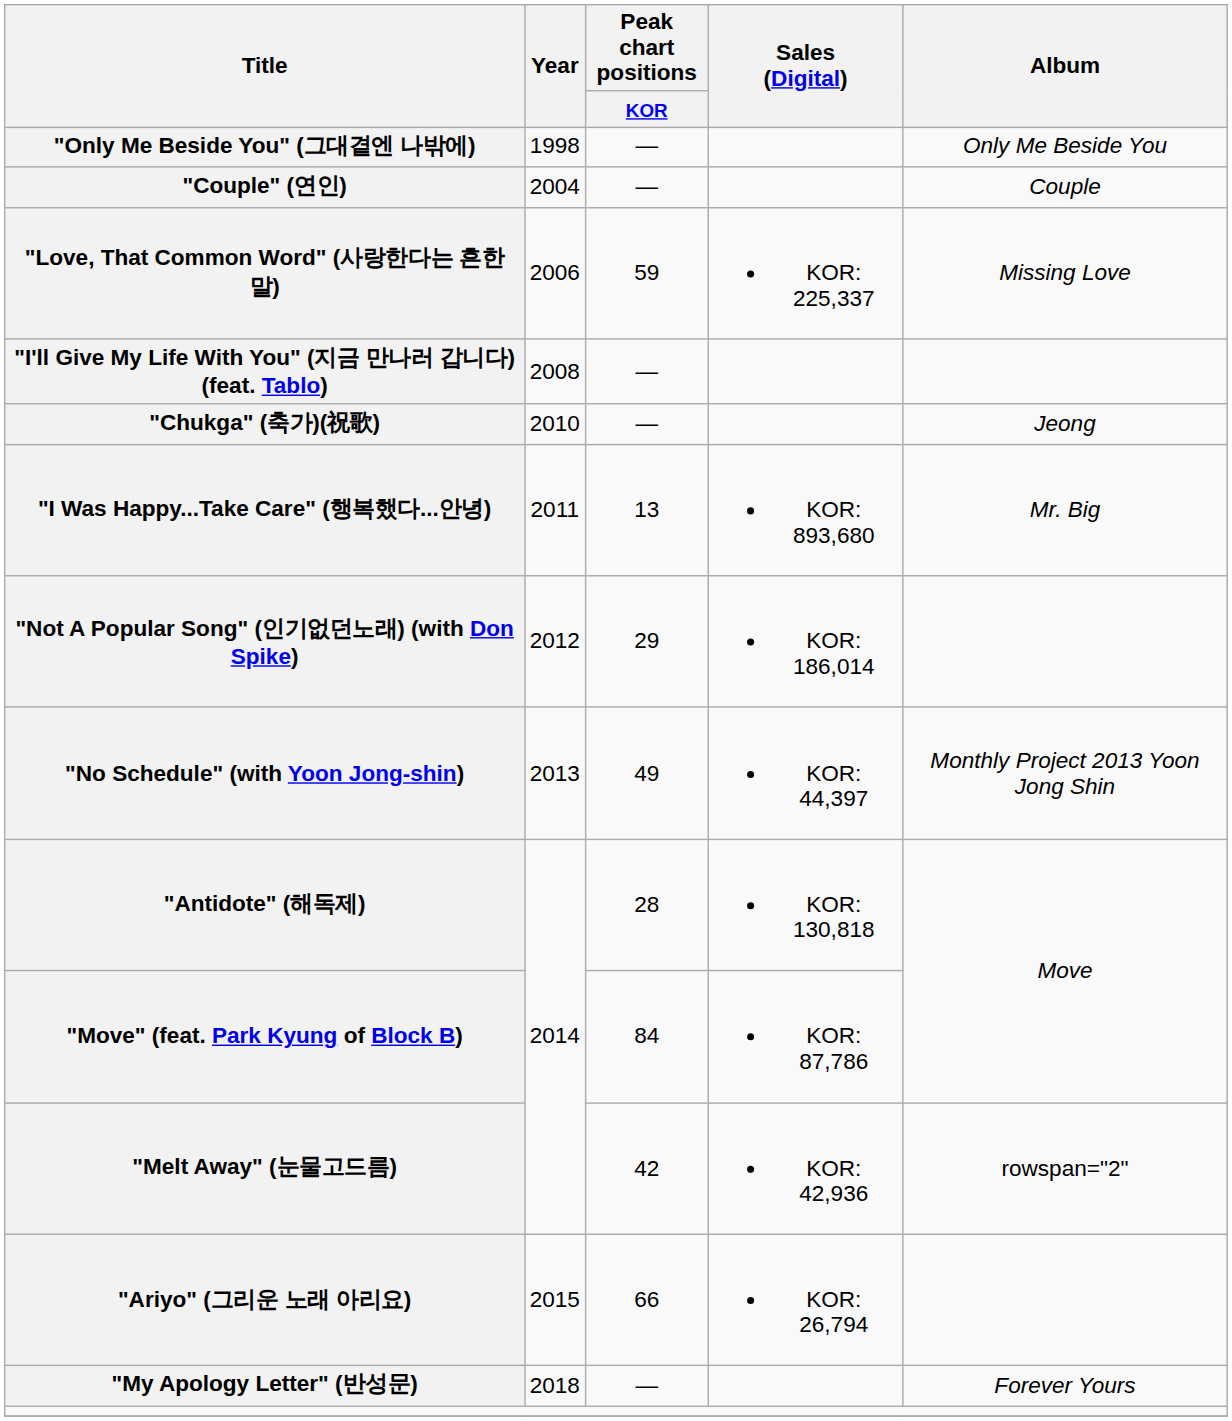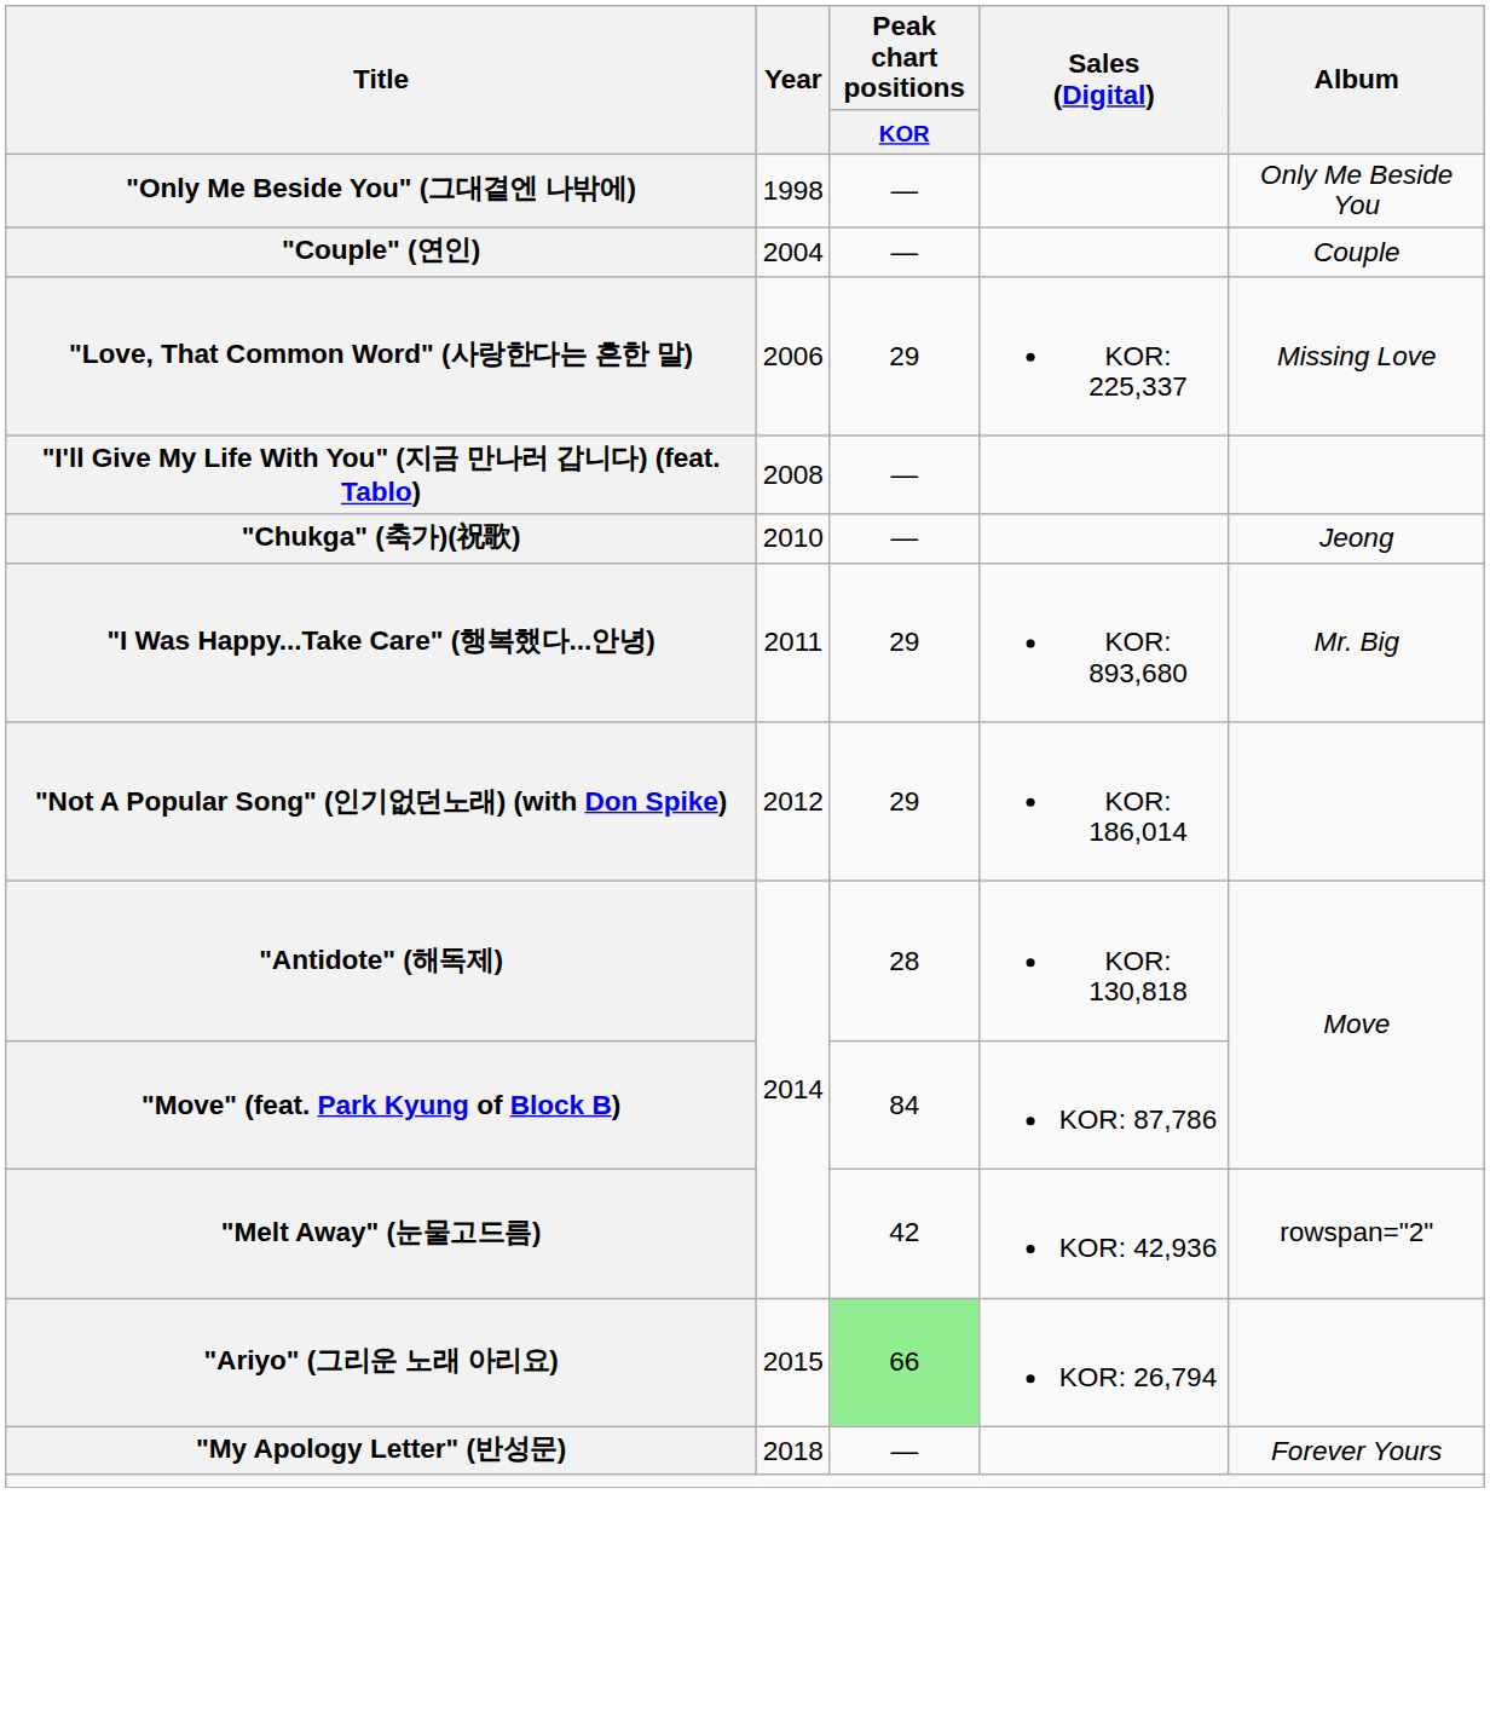 <table class="wikitable plainrowheaders" style="text-align:center;">
 <tr>
 <th scope="col" rowspan="2">Title</th>
 <th scope="col" rowspan="2">Year</th>
 <th scope="col" colspan="1" style="width:5em;">Peak chart positions</th>
 <th scope="col" rowspan="2">Sales<br>(<a href='#'>Digital</a>)</th>
 <th scope="col" rowspan="2">Album</th>
 </tr>
 <tr>
 <th><small><a href='#'>KOR</a></small><br></th>
 </tr>
 <tr>
 <th scope="row">"Only Me Beside You" (그대곁엔 나밖에)</th>
 <td>1998</td>
 <td>—</td>
 <td></td>
 <td><em>Only Me Beside You</em></td>
 </tr>
 <tr>
 <th scope="row">"Couple" (연인)</th>
 <td>2004</td>
 <td>—</td>
 <td></td>
 <td><em>Couple</em></td>
 </tr>
 <tr>
 <th scope="row">"Love, That Common Word" (사랑한다는 흔한 말)</th>
 <td>2006</td>
-<td>59</td>
+<td>29</td>
 <td><br><ul><li>KOR: 225,337</li></ul></td>
 <td><em>Missing Love</em></td>
 </tr>
 <tr>
 <th scope="row">"I'll Give My Life With You" (지금 만나러 갑니다) (feat. <a href='#'>Tablo</a>)</th>
 <td>2008</td>
 <td>—</td>
 <td></td>
 <td></td>
 </tr>
 <tr>
 <th scope="row">"Chukga" (축가)(祝歌)</th>
 <td>2010</td>
 <td>—</td>
 <td></td>
 <td><em>Jeong</em></td>
 </tr>
 <tr>
 <th scope="row">"I Was Happy...Take Care" (행복했다...안녕)</th>
 <td>2011</td>
-<td>13</td>
+<td>29</td>
 <td><br><ul><li>KOR: 893,680</li></ul></td>
 <td><em>Mr. Big</em></td>
 </tr>
 <tr>
 <th scope="row">"Not A Popular Song" (인기없던노래) (with <a href='#'>Don Spike</a>)</th>
 <td>2012</td>
 <td>29</td>
 <td><br><ul><li>KOR: 186,014</li></ul></td>
 <td></td>
-</tr>
-<tr>
-<th scope="row">"No Schedule" (with <a href='#'>Yoon Jong-shin</a>)</th>
-<td>2013</td>
-<td>49</td>
-<td><br><ul><li>KOR: 44,397</li></ul></td>
-<td><em>Monthly Project 2013 Yoon Jong Shin</em></td>
 </tr>
 <tr>
 <th scope="row">"Antidote" (해독제)</th>
 <td rowspan="3">2014</td>
 <td>28</td>
 <td><br><ul><li>KOR: 130,818</li></ul></td>
 <td rowspan="2"><em>Move</em></td>
 </tr>
 <tr>
 <th scope="row">"Move" (feat. <a href='#'>Park Kyung</a> of <a href='#'>Block B</a>)</th>
 <td>84</td>
 <td><br><ul><li>KOR: 87,786</li></ul></td>
 </tr>
 <tr>
 <th scope="row">"Melt Away" (눈물고드름)</th>
 <td>42</td>
 <td><br><ul><li>KOR: 42,936</li></ul></td>
 <td>rowspan="2" </td>
 </tr>
 <tr>
 <th scope="row">"Ariyo" (그리운 노래 아리요)</th>
 <td>2015</td>
-<td>66</td>
+<td style="background: lightgreen;">66</td>
 <td><br><ul><li>KOR: 26,794</li></ul></td>
 </tr>
 <tr>
 <th scope="row">"My Apology Letter" (반성문)</th>
 <td>2018</td>
 <td>—</td>
 <td></td>
 <td><em>Forever Yours</em></td>
 </tr>
 <tr>
 <td colspan="5"></td>
 </tr>
 <tr>
 </tr>
 </table>
